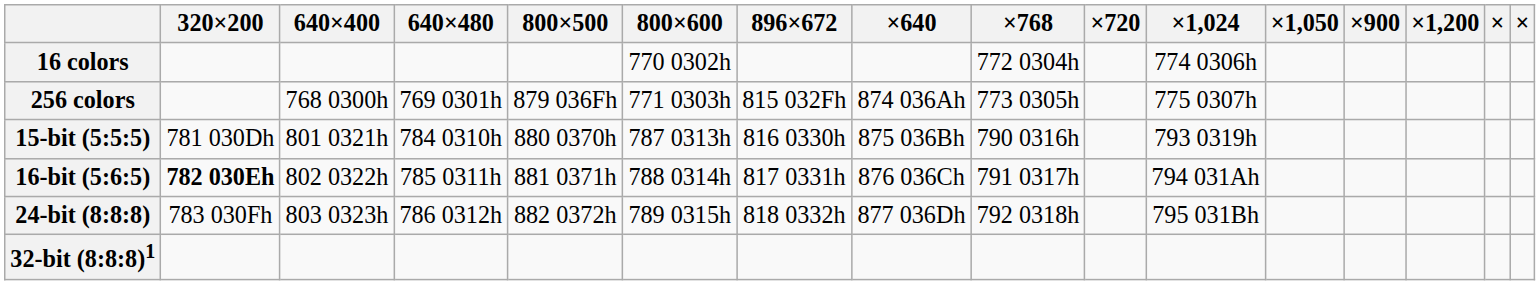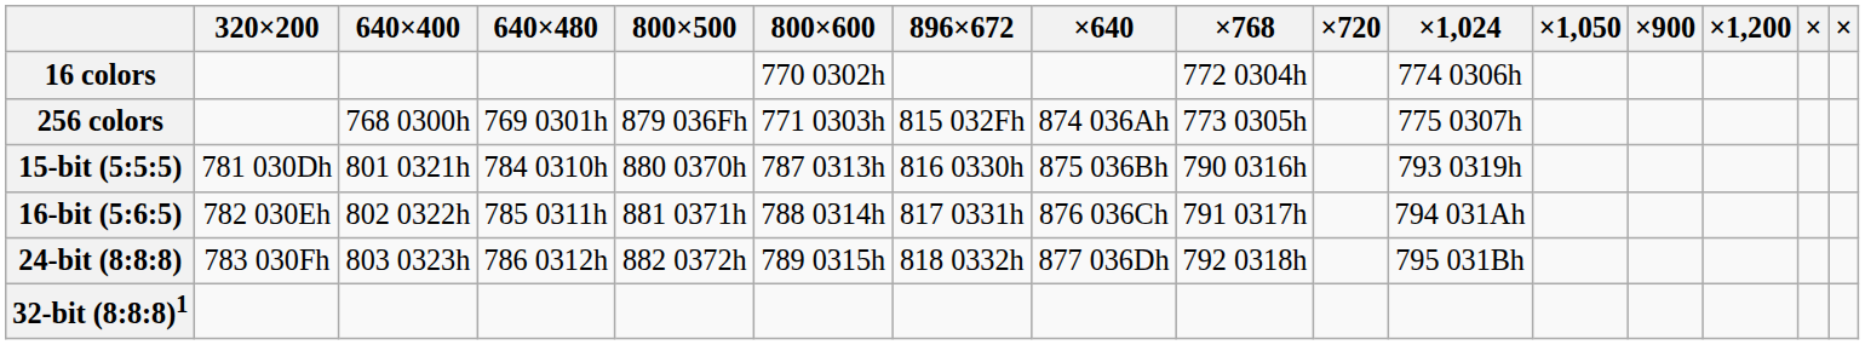 <table class="wikitable" style="text-align: center;">
 <tr>
 <th></th>
 <th>320×200</th>
 <th>640×400</th>
 <th>640×480</th>
 <th>800×500</th>
 <th>800×600</th>
 <th>896×672</th>
 <th>×640</th>
 <th>×768</th>
 <th>×720</th>
 <th>×1,024</th>
 <th>×1,050</th>
 <th>×900</th>
 <th>×1,200</th>
 <th>×</th>
 <th>×</th>
 </tr>
 <tr>
 <th>16 colors</th>
 <td></td>
 <td></td>
 <td></td>
 <td></td>
 <td>770 0302h</td>
 <td></td>
 <td></td>
 <td>772 0304h</td>
 <td></td>
 <td>774 0306h</td>
 <td></td>
 <td></td>
 <td></td>
 <td></td>
 <td></td>
 </tr>
 <tr>
 <th>256 colors</th>
 <td></td>
 <td>768 0300h</td>
 <td>769 0301h</td>
 <td>879 036Fh</td>
 <td>771 0303h</td>
 <td>815 032Fh</td>
 <td>874 036Ah</td>
 <td>773 0305h</td>
 <td></td>
 <td>775 0307h</td>
 <td></td>
 <td></td>
 <td></td>
 <td></td>
 <td></td>
 </tr>
 <tr>
 <th>15-bit (5:5:5)</th>
 <td>781 030Dh</td>
 <td>801 0321h</td>
 <td>784 0310h</td>
 <td>880 0370h</td>
 <td>787 0313h</td>
 <td>816 0330h</td>
 <td>875 036Bh</td>
 <td>790 0316h</td>
 <td></td>
 <td>793 0319h</td>
 <td></td>
 <td></td>
 <td></td>
 <td></td>
 <td></td>
 </tr>
 <tr>
 <th>16-bit (5:6:5)</th>
-<td><strong>782 030Eh</strong></td>
+<td>782 030Eh</td>
 <td>802 0322h</td>
 <td>785 0311h</td>
 <td>881 0371h</td>
 <td>788 0314h</td>
 <td>817 0331h</td>
 <td>876 036Ch</td>
 <td>791 0317h</td>
 <td></td>
 <td>794 031Ah</td>
 <td></td>
 <td></td>
 <td></td>
 <td></td>
 <td></td>
 </tr>
 <tr>
 <th>24-bit (8:8:8)</th>
 <td>783 030Fh</td>
 <td>803 0323h</td>
 <td>786 0312h</td>
 <td>882 0372h</td>
 <td>789 0315h</td>
 <td>818 0332h</td>
 <td>877 036Dh</td>
 <td>792 0318h</td>
 <td></td>
 <td>795 031Bh</td>
 <td></td>
 <td></td>
 <td></td>
 <td></td>
 <td></td>
 </tr>
 <tr>
 <th>32-bit (8:8:8)<sup>1</sup></th>
 <td></td>
 <td></td>
 <td></td>
 <td></td>
 <td></td>
 <td></td>
 <td></td>
 <td></td>
 <td></td>
 <td></td>
 <td></td>
 <td></td>
 <td></td>
 <td></td>
 </tr>
 </table>
